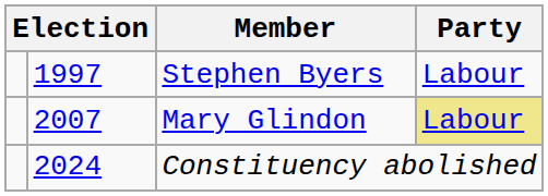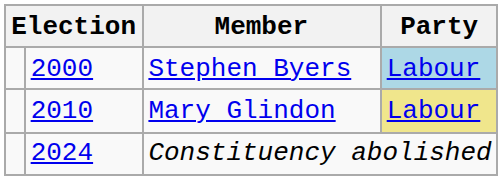 <table class="wikitable">
 <tr>
 <th colspan="2">Election</th>
 <th>Member</th>
 <th>Party</th>
 </tr>
 <tr>
 <td style="color:inherit;background-color: "></td>
-<td><a href='#'>1997</a></td>
+<td><a href='#'>2000</a></td>
 <td><a href='#'>Stephen Byers</a></td>
-<td><a href='#'>Labour</a></td>
+<td style="background: lightblue;"><a href='#'>Labour</a></td>
 </tr>
 <tr>
 <td style="color:inherit;background-color: "></td>
-<td><a href='#'>2007</a></td>
+<td><a href='#'>2010</a></td>
 <td><a href='#'>Mary Glindon</a></td>
 <td style="background: khaki;"><a href='#'>Labour</a></td>
 </tr>
 <tr>
 <td></td>
 <td><a href='#'>2024</a></td>
 <td colspan="2"><em>Constituency abolished</em></td>
 </tr>
 </table>
